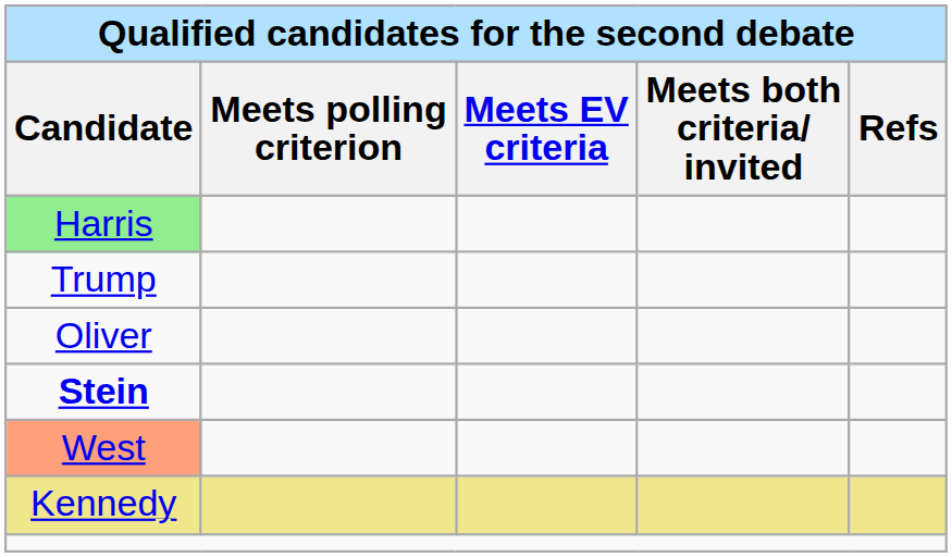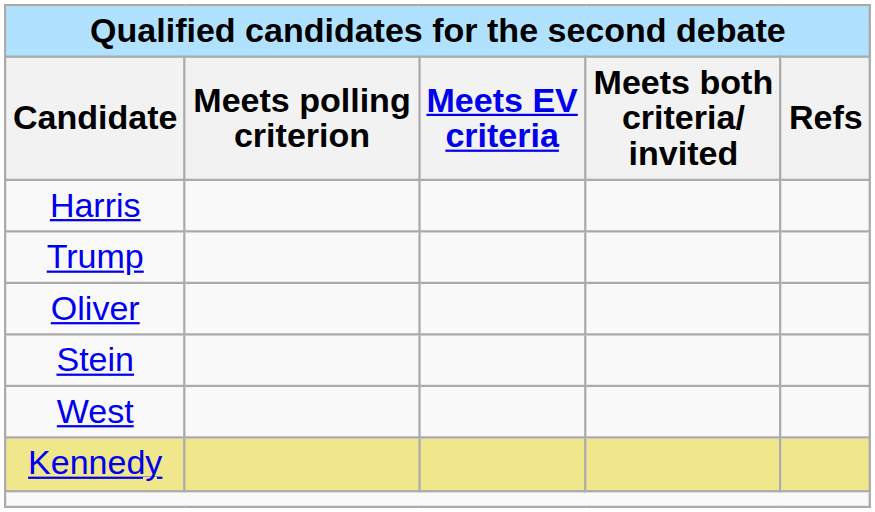 <table class="wikitable sortable collapsible" style="text-align:center;font-size:95%;line-height:16px;">
 <tr>
 <td colspan="6" style="color:black; vertical-align:top; text-align:center; background-color:#B0E2FF;" class="table-no"><strong>Qualified candidates for the second debate</strong></td>
 </tr>
 <tr>
 <th>Candidate</th>
 <th>Meets polling <br>criterion</th>
 <th><a href='#'>Meets EV<br> criteria</a></th>
 <th>Meets both<br> criteria/<br>invited</th>
 <th>Refs</th>
 </tr>
 <tr>
-<td style="background: lightgreen;"><a href='#'>Harris</a></td>
+<td><a href='#'>Harris</a></td>
 <td><br></td>
 <td><br></td>
 <td></td>
 <td></td>
 </tr>
 <tr>
 <td><a href='#'>Trump</a></td>
 <td><br></td>
 <td><br></td>
 <td></td>
 <td></td>
 </tr>
 <tr>
 <td><a href='#'>Oliver</a></td>
 <td><br></td>
 <td><br></td>
 <td></td>
 <td></td>
 </tr>
 <tr>
-<td><strong><a href='#'>Stein</a></strong></td>
+<td><a href='#'>Stein</a></td>
 <td><br></td>
 <td><br></td>
 <td></td>
 <td></td>
 </tr>
 <tr>
-<td style="background: lightsalmon;"><a href='#'>West</a></td>
+<td><a href='#'>West</a></td>
 <td><br></td>
 <td><br></td>
 <td></td>
 <td></td>
 </tr>
 <tr style="background:#f0e68c;">
 <td><a href='#'>Kennedy</a></td>
 <td><br></td>
 <td><br></td>
 <td></td>
 <td></td>
 </tr>
 <tr>
 <td colspan="8" class="table-no" style="text-align:left;"></td>
 </tr>
 </table>
